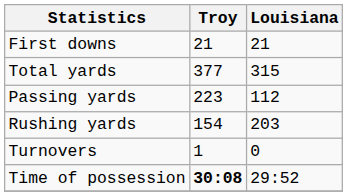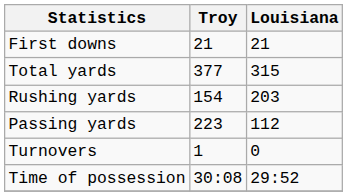 <table class="wikitable">
 <tr>
 <th>Statistics</th>
 <th>Troy</th>
 <th>Louisiana</th>
 </tr>
 <tr>
 <td>First downs</td>
 <td>21</td>
 <td>21</td>
 </tr>
 <tr>
 <td>Total yards</td>
 <td>377</td>
 <td>315</td>
 </tr>
 <tr>
+<td>Rushing yards</td>
+<td>154</td>
+<td>203</td>
+</tr>
+<tr>
 <td>Passing yards</td>
 <td>223</td>
 <td>112</td>
-</tr>
-<tr>
-<td>Rushing yards</td>
-<td>154</td>
-<td>203</td>
 </tr>
 <tr>
 <td>Turnovers</td>
 <td>1</td>
 <td>0</td>
 </tr>
 <tr>
 <td>Time of possession</td>
-<td><strong>30:08</strong></td>
+<td>30:08</td>
 <td>29:52</td>
 </tr>
 <tr>
 </tr>
 </table>
